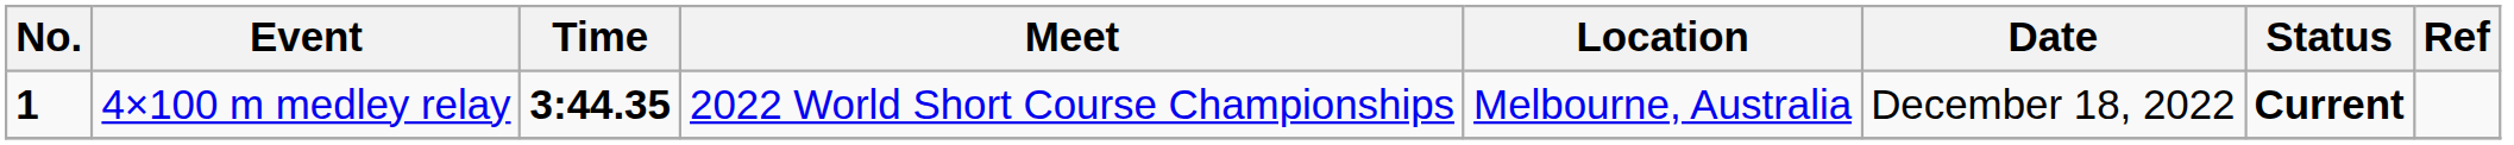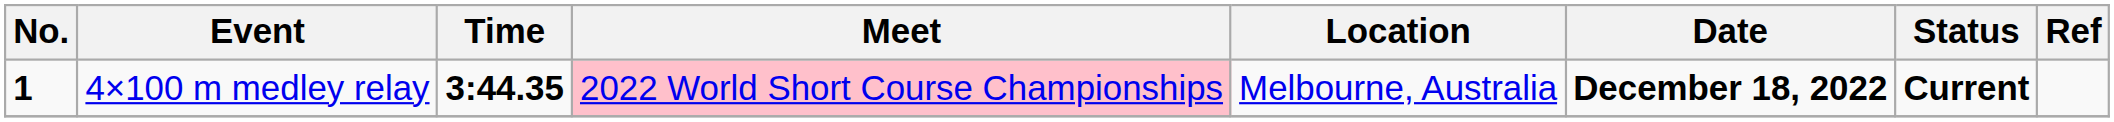 <table class="wikitable">
 <tr>
 <th>No.</th>
 <th>Event</th>
 <th>Time</th>
 <th>Meet</th>
 <th>Location</th>
 <th>Date</th>
 <th>Status</th>
 <th>Ref</th>
 </tr>
 <tr>
 <td><strong>1</strong></td>
 <td><a href='#'>4×100 m medley relay</a></td>
 <td align="center"><strong>3:44.35</strong></td>
-<td><a href='#'>2022 World Short Course Championships</a></td>
+<td style="background: pink;"><a href='#'>2022 World Short Course Championships</a></td>
 <td><a href='#'>Melbourne, Australia</a></td>
-<td align="center">December 18, 2022</td>
+<td align="center"><strong>December 18, 2022</strong></td>
 <td align="center"><strong>Current</strong></td>
 <td align="center"></td>
 </tr>
 <tr>
 </tr>
 </table>
